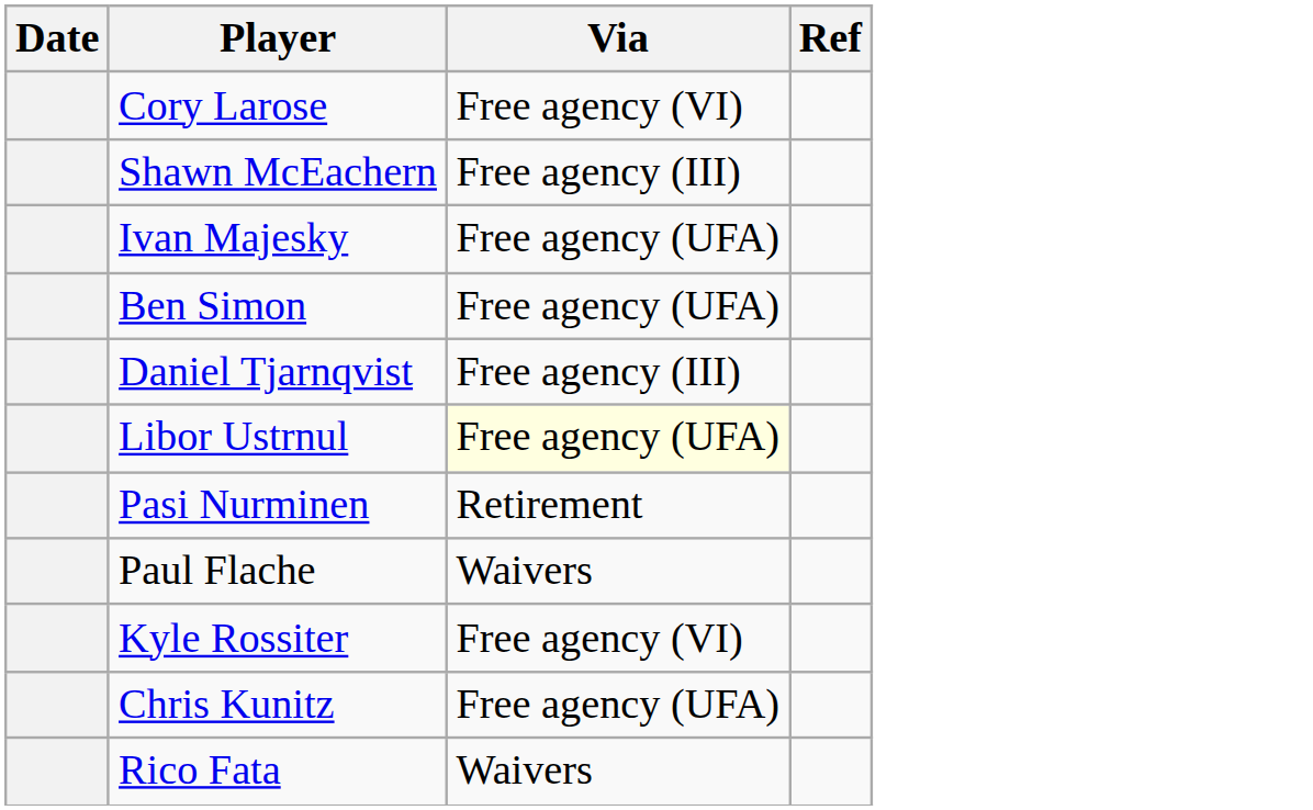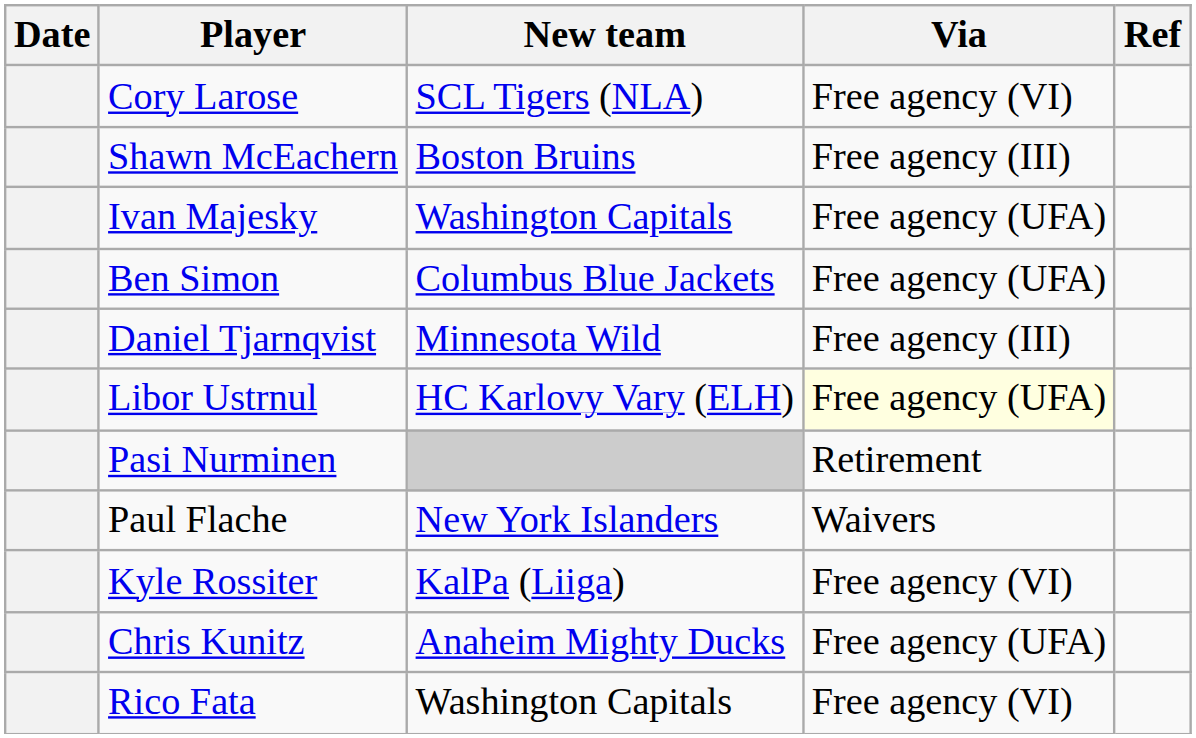 <table class="wikitable plainrowheaders">
 <tr style="background:#ddd; text-align:center;">
 <th>Date</th>
 <th>Player</th>
+<th>New team</th>
 <th>Via</th>
 <th>Ref</th>
 </tr>
 <tr>
 <th scope="row"></th>
 <td><a href='#'>Cory Larose</a></td>
+<td><a href='#'>SCL Tigers</a> (<a href='#'>NLA</a>)</td>
 <td>Free agency (VI)</td>
 <td></td>
 </tr>
 <tr>
 <th scope="row"></th>
 <td><a href='#'>Shawn McEachern</a></td>
+<td><a href='#'>Boston Bruins</a></td>
 <td>Free agency (III)</td>
 <td></td>
 </tr>
 <tr>
 <th scope="row"></th>
 <td><a href='#'>Ivan Majesky</a></td>
+<td><a href='#'>Washington Capitals</a></td>
 <td>Free agency (UFA)</td>
 <td></td>
 </tr>
 <tr>
 <th scope="row"></th>
 <td><a href='#'>Ben Simon</a></td>
+<td><a href='#'>Columbus Blue Jackets</a></td>
 <td>Free agency (UFA)</td>
 <td></td>
 </tr>
 <tr>
 <th scope="row"></th>
 <td><a href='#'>Daniel Tjarnqvist</a></td>
+<td><a href='#'>Minnesota Wild</a></td>
 <td>Free agency (III)</td>
 <td></td>
 </tr>
 <tr>
 <th scope="row"></th>
 <td><a href='#'>Libor Ustrnul</a></td>
+<td><a href='#'>HC Karlovy Vary</a> (<a href='#'>ELH</a>)</td>
 <td style="background: lightyellow;">Free agency (UFA)</td>
 <td></td>
 </tr>
 <tr>
 <th scope="row"></th>
 <td><a href='#'>Pasi Nurminen</a></td>
+<td style="background:#ccc"></td>
 <td>Retirement</td>
 <td></td>
 </tr>
 <tr>
 <th scope="row"></th>
 <td>Paul Flache</td>
+<td><a href='#'>New York Islanders</a></td>
 <td>Waivers</td>
 <td></td>
 </tr>
 <tr>
 <th scope="row"></th>
 <td><a href='#'>Kyle Rossiter</a></td>
+<td><a href='#'>KalPa</a> (<a href='#'>Liiga</a>)</td>
 <td>Free agency (VI)</td>
 <td></td>
 </tr>
 <tr>
 <th scope="row"></th>
 <td><a href='#'>Chris Kunitz</a></td>
+<td><a href='#'>Anaheim Mighty Ducks</a></td>
 <td>Free agency (UFA)</td>
 <td></td>
 </tr>
 <tr>
 <th scope="row"></th>
 <td><a href='#'>Rico Fata</a></td>
-<td>Waivers</td>
+<td>Washington Capitals</td>
+<td>Free agency (VI)</td>
 <td></td>
 </tr>
 </table>
